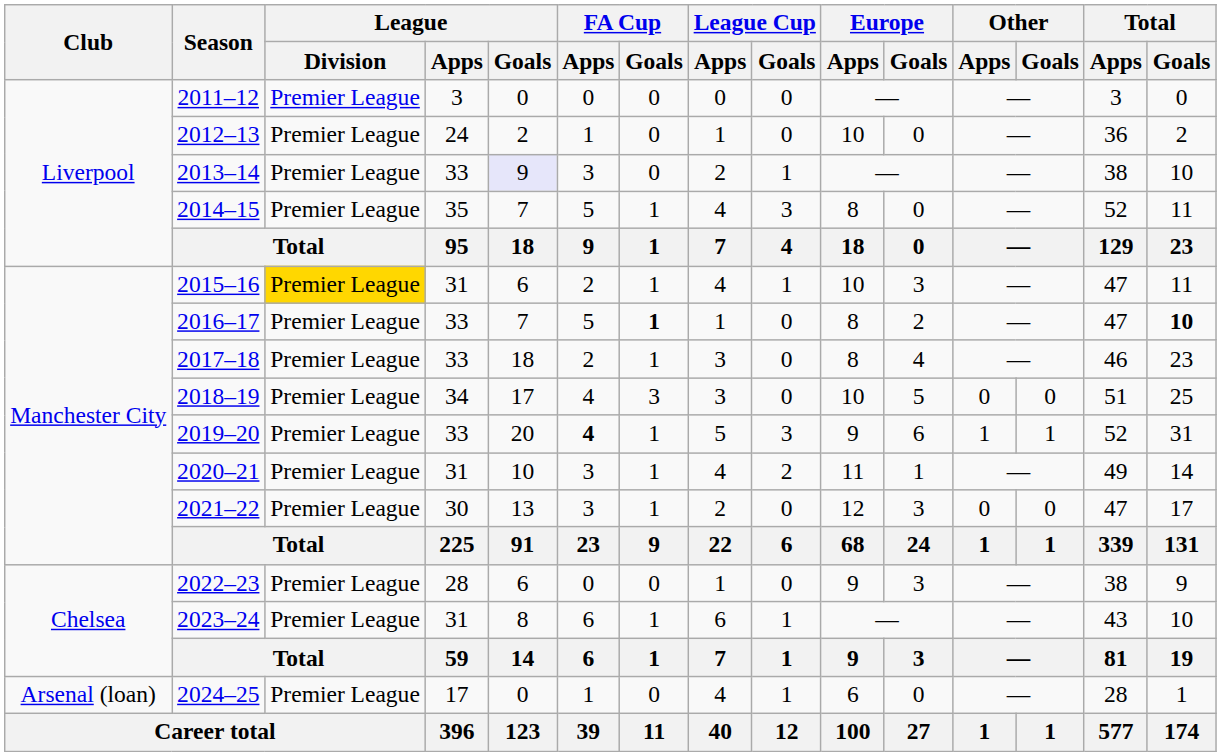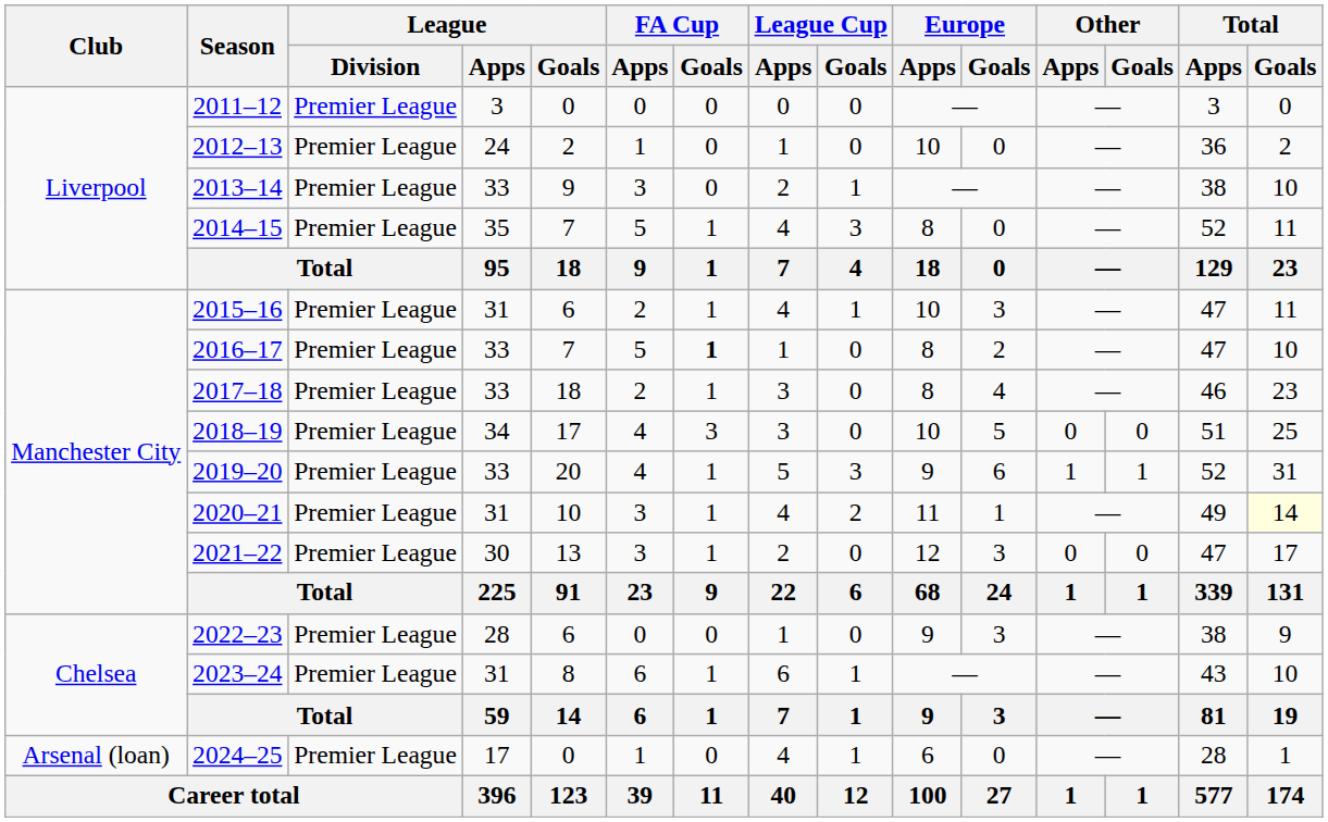 <table class="wikitable" style="text-align: center;">
 <tr>
 <th rowspan="2">Club</th>
 <th rowspan="2">Season</th>
 <th colspan="3">League</th>
 <th colspan="2"><a href='#'>FA Cup</a></th>
 <th colspan="2"><a href='#'>League Cup</a></th>
 <th colspan="2"><a href='#'>Europe</a></th>
 <th colspan="2">Other</th>
 <th colspan="2">Total</th>
 </tr>
 <tr>
 <th>Division</th>
 <th>Apps</th>
 <th>Goals</th>
 <th>Apps</th>
 <th>Goals</th>
 <th>Apps</th>
 <th>Goals</th>
 <th>Apps</th>
 <th>Goals</th>
 <th>Apps</th>
 <th>Goals</th>
 <th>Apps</th>
 <th>Goals</th>
 </tr>
 <tr>
 <td rowspan="5"><a href='#'>Liverpool</a></td>
 <td><a href='#'>2011–12</a></td>
 <td><a href='#'>Premier League</a></td>
 <td>3</td>
 <td>0</td>
 <td>0</td>
 <td>0</td>
 <td>0</td>
 <td>0</td>
 <td colspan="2">—</td>
 <td colspan="2">—</td>
 <td>3</td>
 <td>0</td>
 </tr>
 <tr>
 <td><a href='#'>2012–13</a></td>
 <td>Premier League</td>
 <td>24</td>
 <td>2</td>
 <td>1</td>
 <td>0</td>
 <td>1</td>
 <td>0</td>
 <td>10</td>
 <td>0</td>
 <td colspan="2">—</td>
 <td>36</td>
 <td>2</td>
 </tr>
 <tr>
 <td><a href='#'>2013–14</a></td>
 <td>Premier League</td>
 <td>33</td>
-<td style="background: lavender;">9</td>
+<td>9</td>
 <td>3</td>
 <td>0</td>
 <td>2</td>
 <td>1</td>
 <td colspan="2">—</td>
 <td colspan="2">—</td>
 <td>38</td>
 <td>10</td>
 </tr>
 <tr>
 <td><a href='#'>2014–15</a></td>
 <td>Premier League</td>
 <td>35</td>
 <td>7</td>
 <td>5</td>
 <td>1</td>
 <td>4</td>
 <td>3</td>
 <td>8</td>
 <td>0</td>
 <td colspan="2">—</td>
 <td>52</td>
 <td>11</td>
 </tr>
 <tr>
 <th colspan="2">Total</th>
 <th>95</th>
 <th>18</th>
 <th>9</th>
 <th>1</th>
 <th>7</th>
 <th>4</th>
 <th>18</th>
 <th>0</th>
 <th colspan="2">—</th>
 <th>129</th>
 <th>23</th>
 </tr>
 <tr>
 <td rowspan="8"><a href='#'>Manchester City</a></td>
 <td><a href='#'>2015–16</a></td>
-<td style="background: gold;">Premier League</td>
+<td>Premier League</td>
 <td>31</td>
 <td>6</td>
 <td>2</td>
 <td>1</td>
 <td>4</td>
 <td>1</td>
 <td>10</td>
 <td>3</td>
 <td colspan="2">—</td>
 <td>47</td>
 <td>11</td>
 </tr>
 <tr>
 <td><a href='#'>2016–17</a></td>
 <td>Premier League</td>
 <td>33</td>
 <td>7</td>
 <td>5</td>
 <td><strong>1</strong></td>
 <td>1</td>
 <td>0</td>
 <td>8</td>
 <td>2</td>
 <td colspan="2">—</td>
 <td>47</td>
-<td><strong>10</strong></td>
+<td>10</td>
 </tr>
 <tr>
 <td><a href='#'>2017–18</a></td>
 <td>Premier League</td>
 <td>33</td>
 <td>18</td>
 <td>2</td>
 <td>1</td>
 <td>3</td>
 <td>0</td>
 <td>8</td>
 <td>4</td>
 <td colspan="2">—</td>
 <td>46</td>
 <td>23</td>
 </tr>
 <tr>
 <td><a href='#'>2018–19</a></td>
 <td>Premier League</td>
 <td>34</td>
 <td>17</td>
 <td>4</td>
 <td>3</td>
 <td>3</td>
 <td>0</td>
 <td>10</td>
 <td>5</td>
 <td>0</td>
 <td>0</td>
 <td>51</td>
 <td>25</td>
 </tr>
 <tr>
 <td><a href='#'>2019–20</a></td>
 <td>Premier League</td>
 <td>33</td>
 <td>20</td>
-<td><strong>4</strong></td>
+<td>4</td>
 <td>1</td>
 <td>5</td>
 <td>3</td>
 <td>9</td>
 <td>6</td>
 <td>1</td>
 <td>1</td>
 <td>52</td>
 <td>31</td>
 </tr>
 <tr>
 <td><a href='#'>2020–21</a></td>
 <td>Premier League</td>
 <td>31</td>
 <td>10</td>
 <td>3</td>
 <td>1</td>
 <td>4</td>
 <td>2</td>
 <td>11</td>
 <td>1</td>
 <td colspan="2">—</td>
 <td>49</td>
-<td>14</td>
+<td style="background: lightyellow;">14</td>
 </tr>
 <tr>
 <td><a href='#'>2021–22</a></td>
 <td>Premier League</td>
 <td>30</td>
 <td>13</td>
 <td>3</td>
 <td>1</td>
 <td>2</td>
 <td>0</td>
 <td>12</td>
 <td>3</td>
 <td>0</td>
 <td>0</td>
 <td>47</td>
 <td>17</td>
 </tr>
 <tr>
 <th colspan="2">Total</th>
 <th>225</th>
 <th>91</th>
 <th>23</th>
 <th>9</th>
 <th>22</th>
 <th>6</th>
 <th>68</th>
 <th>24</th>
 <th>1</th>
 <th>1</th>
 <th>339</th>
 <th>131</th>
 </tr>
 <tr>
 <td rowspan="3"><a href='#'>Chelsea</a></td>
 <td><a href='#'>2022–23</a></td>
 <td>Premier League</td>
 <td>28</td>
 <td>6</td>
 <td>0</td>
 <td>0</td>
 <td>1</td>
 <td>0</td>
 <td>9</td>
 <td>3</td>
 <td colspan="2">—</td>
 <td>38</td>
 <td>9</td>
 </tr>
 <tr>
 <td><a href='#'>2023–24</a></td>
 <td>Premier League</td>
 <td>31</td>
 <td>8</td>
 <td>6</td>
 <td>1</td>
 <td>6</td>
 <td>1</td>
 <td colspan="2">—</td>
 <td colspan="2">—</td>
 <td>43</td>
 <td>10</td>
 </tr>
 <tr>
 <th colspan="2">Total</th>
 <th>59</th>
 <th>14</th>
 <th>6</th>
 <th>1</th>
 <th>7</th>
 <th>1</th>
 <th>9</th>
 <th>3</th>
 <th colspan="2">—</th>
 <th>81</th>
 <th>19</th>
 </tr>
 <tr>
 <td><a href='#'>Arsenal</a> (loan)</td>
 <td><a href='#'>2024–25</a></td>
 <td>Premier League</td>
 <td>17</td>
 <td>0</td>
 <td>1</td>
 <td>0</td>
 <td>4</td>
 <td>1</td>
 <td>6</td>
 <td>0</td>
 <td colspan="2">—</td>
 <td>28</td>
 <td>1</td>
 </tr>
 <tr>
 <th colspan="3">Career total</th>
 <th>396</th>
 <th>123</th>
 <th>39</th>
 <th>11</th>
 <th>40</th>
 <th>12</th>
 <th>100</th>
 <th>27</th>
 <th>1</th>
 <th>1</th>
 <th>577</th>
 <th>174</th>
 </tr>
 </table>
